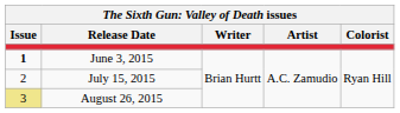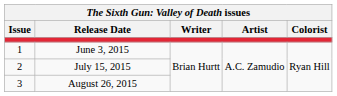 <table class="wikitable mw-collapsible mw-collapsed" style="text-align: center">
 <tr>
 <th colspan=5><em>The Sixth Gun: Valley of Death</em> issues</th>
 </tr>
 <tr>
 <th width="40px">Issue</th>
 <th width="200px">Release Date</th>
 <th>Writer</th>
 <th>Artist</th>
 <th>Colorist</th>
 </tr>
 <tr>
 <td colspan=5 style=background:#e32636;></td>
 </tr>
 <tr>
-<td><strong>1</strong></td>
+<td>1</td>
 <td>June 3, 2015</td>
 <td rowspan=3>Brian Hurtt</td>
 <td rowspan=3>A.C. Zamudio</td>
 <td rowspan=3>Ryan Hill</td>
 </tr>
 <tr>
 <td>2</td>
 <td>July 15, 2015</td>
 </tr>
 <tr>
-<td style="background: khaki;">3</td>
+<td>3</td>
 <td>August 26, 2015</td>
 </tr>
 </table>
